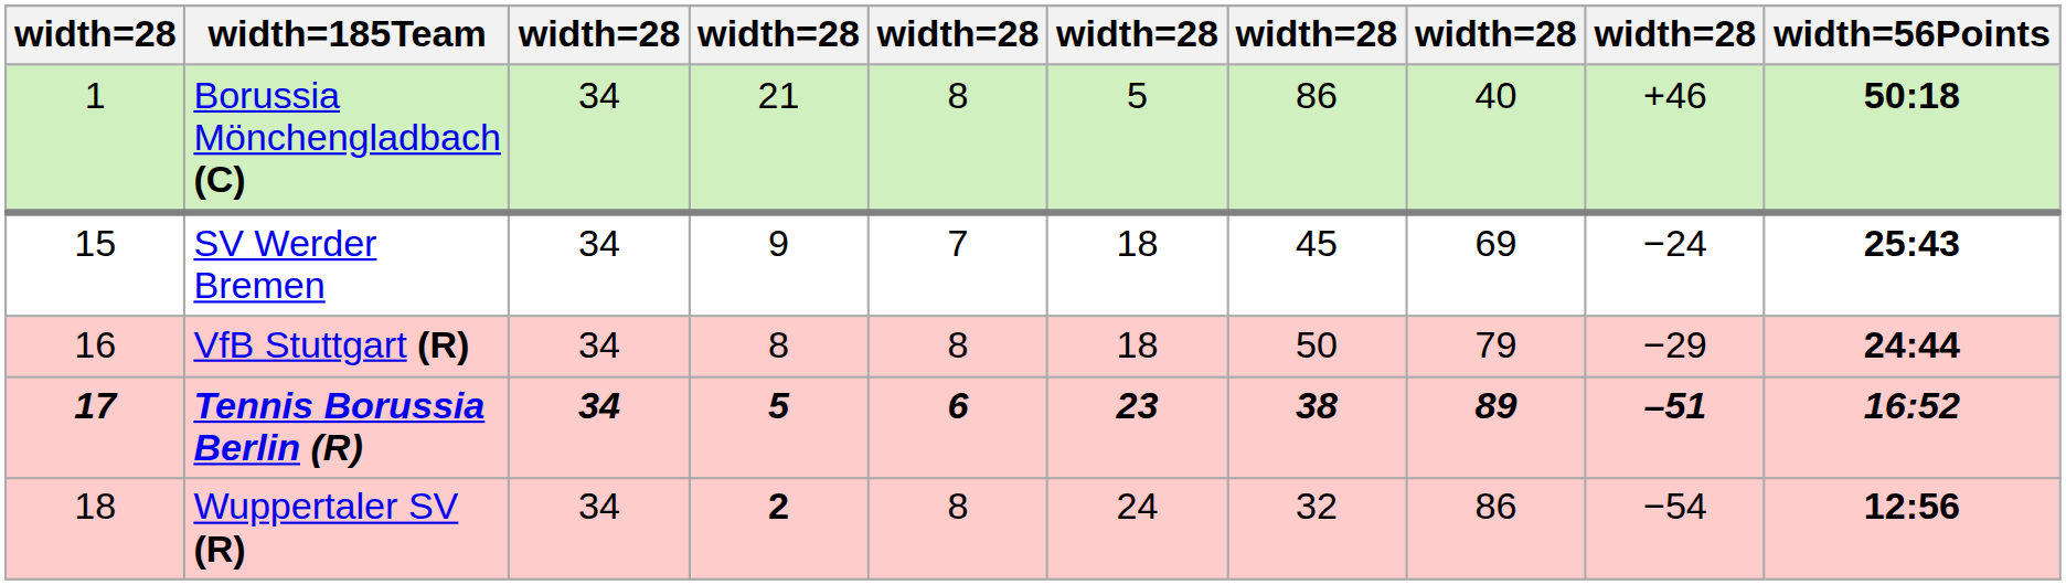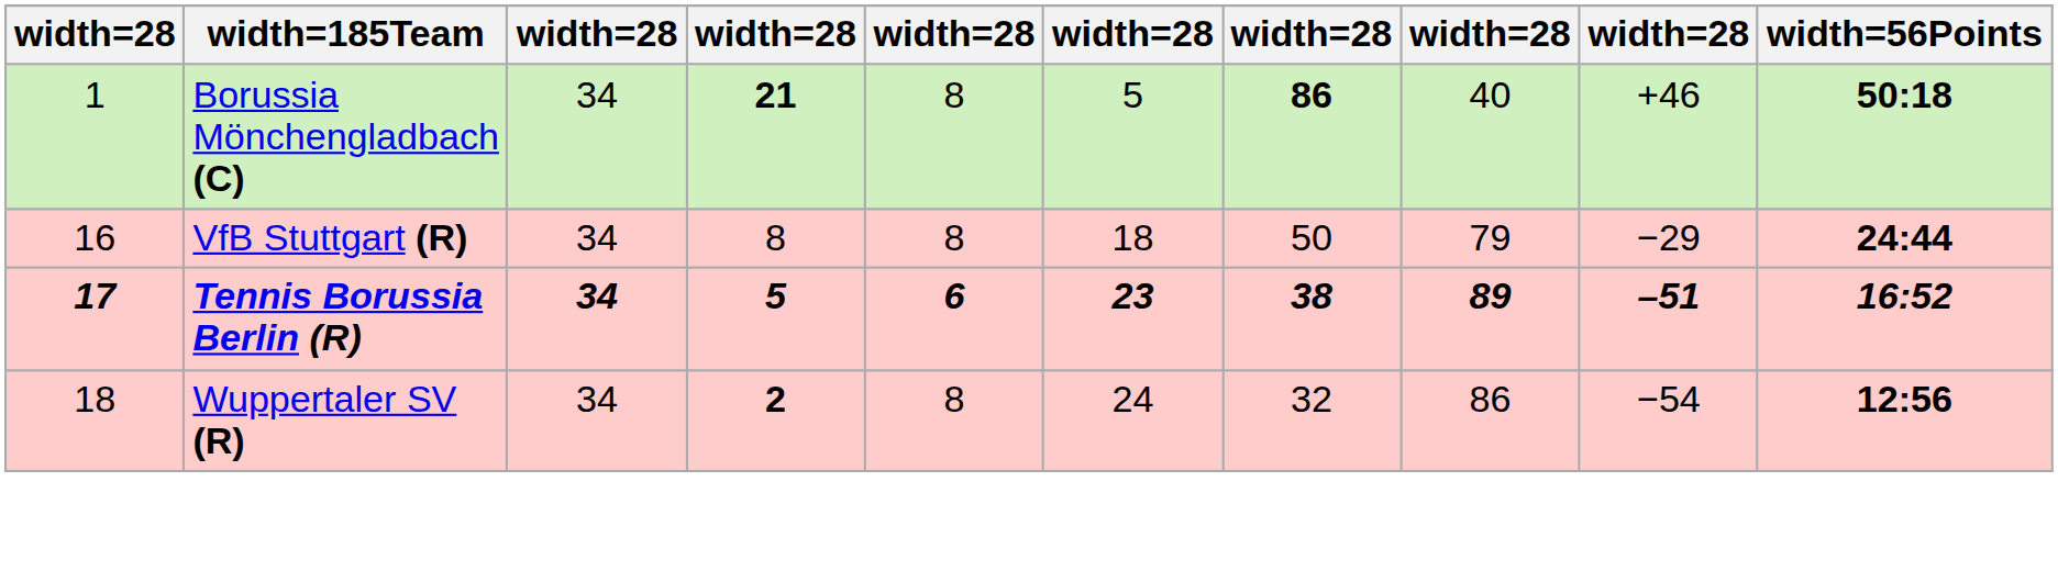 <table class="wikitable">
 <tr align="center" bgcolor="#dfdfdf">
 </tr>
 <tr>
 <th>width=28<br></th>
 <th>width=185Team<br></th>
 <th>width=28<br></th>
 <th>width=28<br></th>
 <th>width=28<br></th>
 <th>width=28<br></th>
 <th>width=28<br></th>
 <th>width=28<br></th>
 <th>width=28<br></th>
 <th>width=56Points<br></th>
 </tr>
 <tr align="center" valign="top" bgcolor="D0F0C0">
 <td>1</td>
 <td align="left"><a href='#'>Borussia Mönchengladbach</a> <strong>(C)</strong></td>
 <td>34</td>
-<td>21</td>
+<td><strong>21</strong></td>
 <td>8</td>
 <td>5</td>
-<td>86</td>
+<td><strong>86</strong></td>
 <td>40</td>
 <td>+46</td>
 <td><strong>50:18</strong></td>
-</tr>
-<tr align="center" valign="top" bgcolor="#ffffff" style="border-top:3px solid grey;">
-<td>15</td>
-<td align="left"><a href='#'>SV Werder Bremen</a></td>
-<td>34</td>
-<td>9</td>
-<td>7</td>
-<td>18</td>
-<td>45</td>
-<td>69</td>
-<td>−24</td>
-<td><strong>25:43</strong></td>
 </tr>
 <tr align="center" valign="top" bgcolor="#FFCCCC">
 <td>16</td>
 <td align="left"><a href='#'>VfB Stuttgart</a> <strong>(R)</strong></td>
 <td>34</td>
 <td>8</td>
 <td>8</td>
 <td>18</td>
 <td>50</td>
 <td>79</td>
 <td>−29</td>
 <td><strong>24:44</strong></td>
 </tr>
 <tr align="center" valign="top" bgcolor="#FFCCCC">
 <td><strong><em>17</em></strong></td>
 <td align="left"><strong><em><a href='#'>Tennis Borussia Berlin</a> (R)</em></strong></td>
 <td><strong><em>34</em></strong></td>
 <td><strong><em>5</em></strong></td>
 <td><strong><em>6</em></strong></td>
 <td><strong><em>23</em></strong></td>
 <td><strong><em>38</em></strong></td>
 <td><strong><em>89</em></strong></td>
 <td><strong><em>–51</em></strong></td>
 <td><strong><em>16:52</em></strong></td>
 </tr>
 <tr align="center" valign="top" bgcolor="#FFCCCC">
 <td>18</td>
 <td align="left"><a href='#'>Wuppertaler SV</a> <strong>(R)</strong></td>
 <td>34</td>
 <td><strong>2</strong></td>
 <td>8</td>
 <td>24</td>
 <td>32</td>
 <td>86</td>
 <td>−54</td>
 <td><strong>12:56</strong></td>
 </tr>
 </table>
